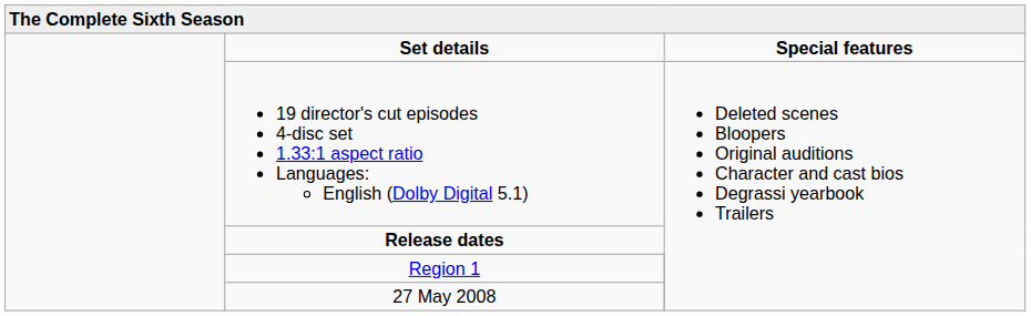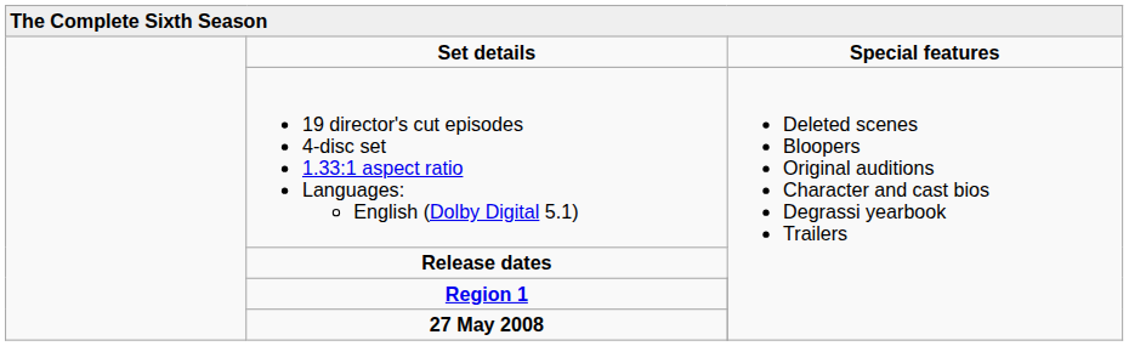 <table class="wikitable" style="font-size: 95%;">
 <tr style="background:#EFEFEF">
 <td colspan="5"><strong>The Complete Sixth Season</strong></td>
 </tr>
 <tr valign="top">
 <td rowspan="5" valign="center" align="center" width="180"></td>
 <td align="center" width="400" colspan="3"><strong>Set details</strong></td>
 <td width="300" align="center"><strong>Special features</strong></td>
 </tr>
 <tr valign="top">
 <td colspan="3" align="left" width="400"><br><ul><li>19 director's cut episodes</li><li>4-disc set</li><li><a href='#'>1.33:1 aspect ratio</a></li><li>Languages:<ul><li>English (<a href='#'>Dolby Digital</a> 5.1)</li></ul></li></ul></td>
 <td rowspan="4" align="left" width="300"><br><ul><li>Deleted scenes</li><li>Bloopers</li><li>Original auditions</li><li>Character and cast bios</li><li>Degrassi yearbook</li><li>Trailers</li></ul></td>
 </tr>
 <tr>
 <td colspan="3" align="center"><strong>Release dates</strong></td>
 </tr>
 <tr>
-<td align="center"> <a href='#'>Region 1</a><br></td>
+<td align="center"><strong> <a href='#'>Region 1</a><br></strong></td>
 </tr>
 <tr>
-<td align="center">27 May 2008<br></td>
+<td align="center"><strong>27 May 2008<br></strong></td>
 </tr>
 </table>
